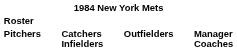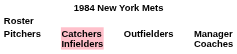 <table class="toccolours" style="font-size: 95%;">
 <tr>
 <th colspan="10">1984 New York Mets</th>
 </tr>
 <tr>
 <td colspan="10"><strong>Roster</strong></td>
 </tr>
 <tr>
 <td valign="top"><strong>Pitchers</strong><br>               </td>
 <td width="25px"></td>
-<td valign="top"><strong>Catchers</strong><br>     <strong>Infielders</strong>           </td>
+<td valign="top" style="background: pink;"><strong>Catchers</strong><br>     <strong>Infielders</strong>           </td>
 <td width="25px"></td>
 <td valign="top"><strong>Outfielders</strong><br>       </td>
 <td width="25px"></td>
 <td valign="top"><strong>Manager</strong><br> <strong>Coaches</strong>     </td>
 </tr>
 </table>
